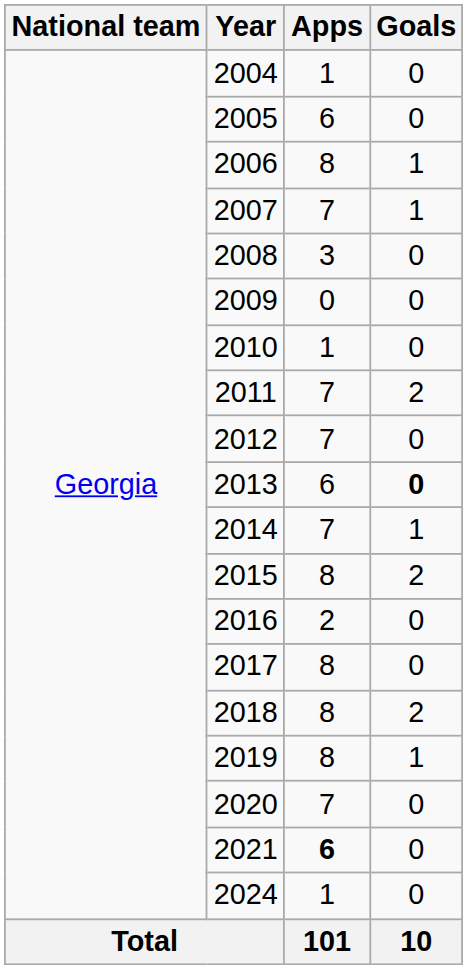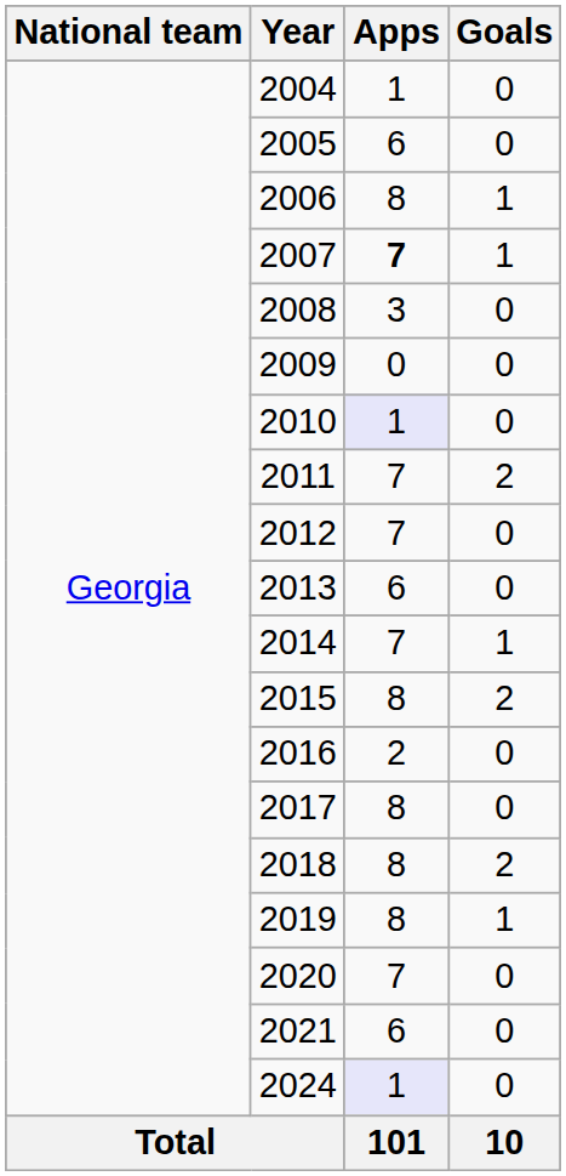 <table class="wikitable" style="text-align:center">
 <tr>
 <th>National team</th>
 <th>Year</th>
 <th>Apps</th>
 <th>Goals</th>
 </tr>
 <tr>
 <td rowspan="19“"><a href='#'>Georgia</a></td>
 <td>2004</td>
 <td>1</td>
 <td>0</td>
 </tr>
 <tr>
 <td>2005</td>
 <td>6</td>
 <td>0</td>
 </tr>
 <tr>
 <td>2006</td>
 <td>8</td>
 <td>1</td>
 </tr>
 <tr>
 <td>2007</td>
-<td>7</td>
+<td><strong>7</strong></td>
 <td>1</td>
 </tr>
 <tr>
 <td>2008</td>
 <td>3</td>
 <td>0</td>
 </tr>
 <tr>
 <td>2009</td>
 <td>0</td>
 <td>0</td>
 </tr>
 <tr>
 <td>2010</td>
-<td>1</td>
+<td style="background: lavender;">1</td>
 <td>0</td>
 </tr>
 <tr>
 <td>2011</td>
 <td>7</td>
 <td>2</td>
 </tr>
 <tr>
 <td>2012</td>
 <td>7</td>
 <td>0</td>
 </tr>
 <tr>
 <td>2013</td>
 <td>6</td>
-<td><strong>0</strong></td>
+<td>0</td>
 </tr>
 <tr>
 <td>2014</td>
 <td>7</td>
 <td>1</td>
 </tr>
 <tr>
 <td>2015</td>
 <td>8</td>
 <td>2</td>
 </tr>
 <tr>
 <td>2016</td>
 <td>2</td>
 <td>0</td>
 </tr>
 <tr>
 <td>2017</td>
 <td>8</td>
 <td>0</td>
 </tr>
 <tr>
 <td>2018</td>
 <td>8</td>
 <td>2</td>
 </tr>
 <tr>
 <td>2019</td>
 <td>8</td>
 <td>1</td>
 </tr>
 <tr>
 <td>2020</td>
 <td>7</td>
 <td>0</td>
 </tr>
 <tr>
 <td>2021</td>
-<td><strong>6</strong></td>
+<td>6</td>
 <td>0</td>
 </tr>
 <tr>
 <td>2024</td>
-<td>1</td>
+<td style="background: lavender;">1</td>
 <td>0</td>
 </tr>
 <tr>
 <th colspan="2">Total</th>
 <th>101</th>
 <th>10</th>
 </tr>
 </table>
